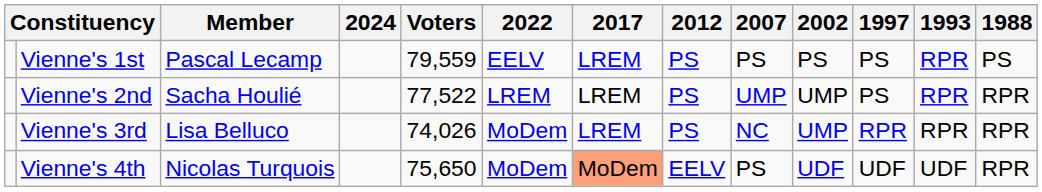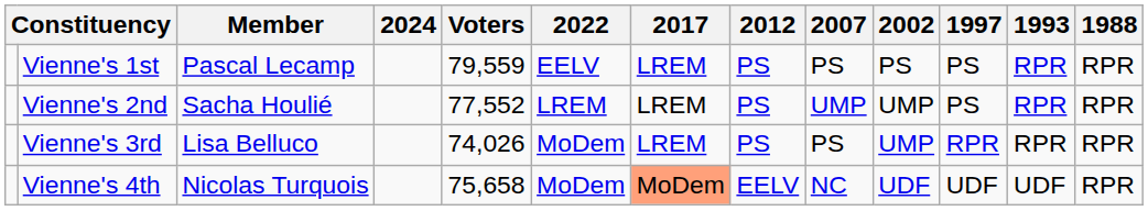 <table class="wikitable sortable">
 <tr>
 <th colspan="2">Constituency</th>
 <th>Member</th>
 <th>2024</th>
 <th>Voters</th>
 <th>2022</th>
 <th>2017</th>
 <th>2012</th>
 <th>2007</th>
 <th>2002</th>
 <th>1997</th>
 <th>1993</th>
 <th>1988</th>
 </tr>
 <tr>
 <td style="background-color: "></td>
 <td><a href='#'>Vienne's 1st</a></td>
 <td><a href='#'>Pascal Lecamp</a></td>
 <td></td>
 <td>79,559</td>
 <td><a href='#'>EELV</a></td>
 <td><a href='#'>LREM</a></td>
 <td><a href='#'>PS</a></td>
 <td>PS</td>
 <td>PS</td>
 <td>PS</td>
 <td><a href='#'>RPR</a></td>
-<td>PS</td>
+<td>RPR</td>
 </tr>
 <tr>
 <td style="background-color: "></td>
 <td><a href='#'>Vienne's 2nd</a></td>
 <td><a href='#'>Sacha Houlié</a></td>
 <td></td>
-<td>77,522</td>
+<td>77,552</td>
 <td><a href='#'>LREM</a></td>
 <td>LREM</td>
 <td><a href='#'>PS</a></td>
 <td><a href='#'>UMP</a></td>
 <td>UMP</td>
 <td>PS</td>
 <td><a href='#'>RPR</a></td>
 <td>RPR</td>
 </tr>
 <tr>
 <td style="background-color: "></td>
 <td><a href='#'>Vienne's 3rd</a></td>
 <td><a href='#'>Lisa Belluco</a></td>
 <td></td>
 <td>74,026</td>
 <td><a href='#'>MoDem</a></td>
 <td><a href='#'>LREM</a></td>
 <td><a href='#'>PS</a></td>
-<td><a href='#'>NC</a></td>
+<td>PS</td>
 <td><a href='#'>UMP</a></td>
 <td><a href='#'>RPR</a></td>
 <td>RPR</td>
 <td>RPR</td>
 </tr>
 <tr>
 <td style="background-color: "></td>
 <td><a href='#'>Vienne's 4th</a></td>
 <td><a href='#'>Nicolas Turquois</a></td>
 <td></td>
-<td>75,650</td>
+<td>75,658</td>
 <td><a href='#'>MoDem</a></td>
 <td style="background: lightsalmon;">MoDem</td>
 <td><a href='#'>EELV</a></td>
-<td>PS</td>
+<td><a href='#'>NC</a></td>
 <td><a href='#'>UDF</a></td>
 <td>UDF</td>
 <td>UDF</td>
 <td>RPR</td>
 </tr>
 </table>
